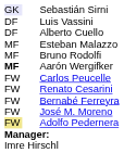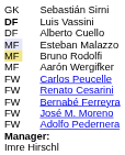 <table cellspacing="0" cellpadding="0" style="font-size:90%; margin:0.2em auto;">
 <tr>
 <th width="25"></th>
 <th width="25"></th>
 </tr>
 <tr>
-<td style="background: lavender;">GK</td>
+<td>GK</td>
 <td></td>
 <td> Sebastián Sirni</td>
 </tr>
 <tr>
-<td>DF</td>
+<td><strong>DF</strong></td>
 <td></td>
 <td> Luis Vassini</td>
 </tr>
 <tr>
 <td>DF</td>
 <td></td>
 <td> Alberto Cuello</td>
 </tr>
 <tr>
-<td>MF</td>
+<td style="background: lavender;">MF</td>
 <td></td>
 <td> Esteban Malazzo</td>
 </tr>
 <tr>
-<td>MF</td>
+<td style="background: khaki;">MF</td>
 <td></td>
 <td> Bruno Rodolfi</td>
 </tr>
 <tr>
-<td><strong>MF</strong></td>
+<td>MF</td>
 <td></td>
 <td> Aarón Wergifker</td>
 </tr>
 <tr>
 <td>FW</td>
 <td></td>
 <td> <a href='#'>Carlos Peucelle</a></td>
 </tr>
 <tr>
 <td>FW</td>
 <td></td>
 <td> <a href='#'>Renato Cesarini</a></td>
 </tr>
 <tr>
 <td>FW</td>
 <td></td>
 <td> <a href='#'>Bernabé Ferreyra</a></td>
 </tr>
 <tr>
 <td>FW</td>
 <td></td>
 <td> <a href='#'>José M. Moreno</a></td>
 </tr>
 <tr>
-<td style="background: khaki;">FW</td>
+<td>FW</td>
 <td></td>
 <td> <a href='#'>Adolfo Pedernera</a></td>
 </tr>
 <tr>
 <td colspan=3><strong>Manager:</strong></td>
 </tr>
 <tr>
 <td colspan=4> Imre Hirschl</td>
 </tr>
 </table>
